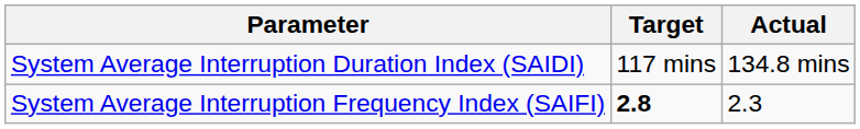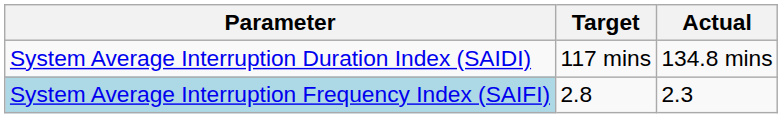 <table class="wikitable">
 <tr>
 <th>Parameter</th>
 <th>Target</th>
 <th>Actual</th>
 </tr>
 <tr>
 <td><a href='#'>System Average Interruption Duration Index (SAIDI)</a></td>
 <td>117 mins</td>
 <td>134.8 mins</td>
 </tr>
 <tr>
-<td><a href='#'>System Average Interruption Frequency Index (SAIFI)</a></td>
-<td><strong>2.8</strong></td>
+<td style="background: lightblue;"><a href='#'>System Average Interruption Frequency Index (SAIFI)</a></td>
+<td>2.8</td>
 <td>2.3</td>
 </tr>
 </table>
